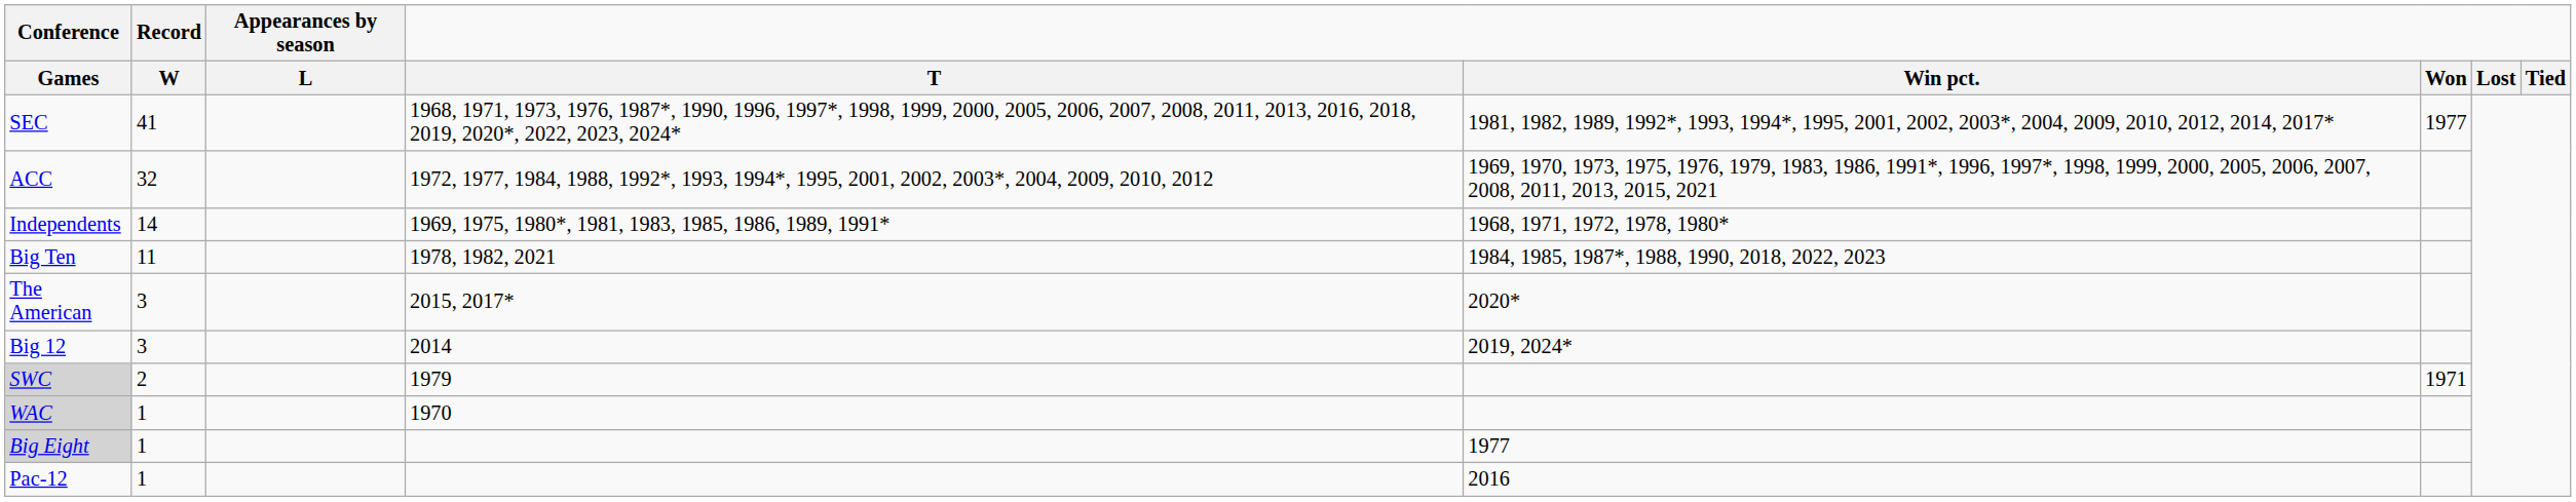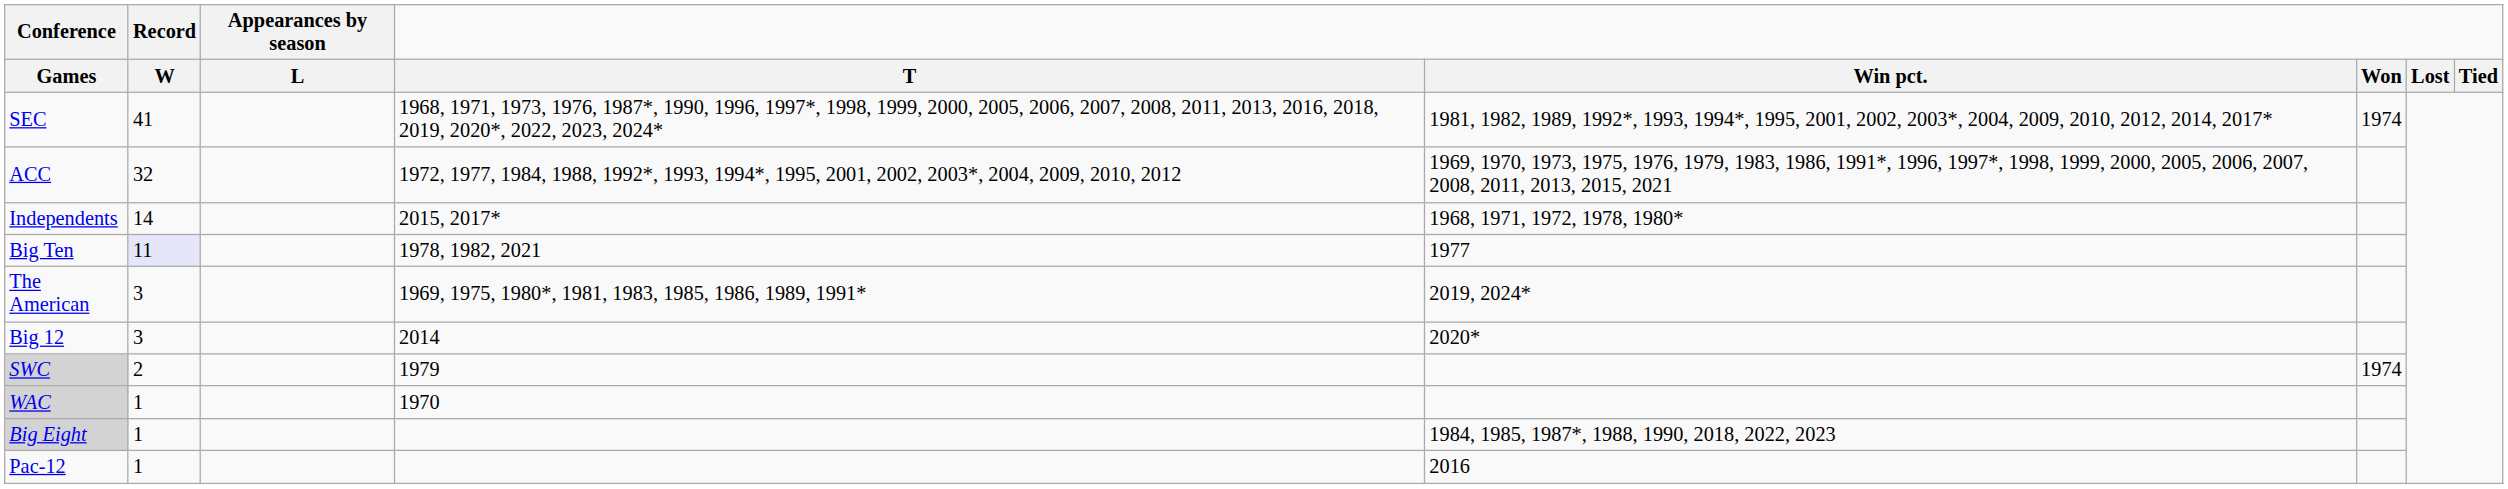 <table class="wikitable sortable">
 <tr>
 <th>Conference</th>
 <th>Record</th>
 <th>Appearances by season</th>
 </tr>
 <tr>
 <th>Games</th>
 <th>W</th>
 <th>L</th>
 <th>T</th>
 <th>Win pct.</th>
 <th>Won</th>
 <th>Lost</th>
 <th>Tied</th>
 </tr>
 <tr>
 <td><a href='#'>SEC</a></td>
 <td>41</td>
 <td></td>
 <td>1968, 1971, 1973, 1976, 1987*, 1990, 1996, 1997*, 1998, 1999, 2000, 2005, 2006, 2007, 2008, 2011, 2013, 2016, 2018, 2019, 2020*, 2022, 2023, 2024*</td>
 <td>1981, 1982, 1989, 1992*, 1993, 1994*, 1995, 2001, 2002, 2003*, 2004, 2009, 2010, 2012, 2014, 2017*</td>
-<td>1977</td>
+<td>1974</td>
 </tr>
 <tr>
 <td><a href='#'>ACC</a></td>
 <td>32</td>
 <td></td>
 <td>1972, 1977, 1984, 1988, 1992*, 1993, 1994*, 1995, 2001, 2002, 2003*, 2004, 2009, 2010, 2012</td>
 <td>1969, 1970, 1973, 1975, 1976, 1979, 1983, 1986, 1991*, 1996, 1997*, 1998, 1999, 2000, 2005, 2006, 2007, 2008, 2011, 2013, 2015, 2021</td>
 <td></td>
 </tr>
 <tr>
 <td><a href='#'>Independents</a></td>
 <td>14</td>
 <td></td>
-<td>1969, 1975, 1980*, 1981, 1983, 1985, 1986, 1989, 1991*</td>
+<td>2015, 2017*</td>
 <td>1968, 1971, 1972, 1978, 1980*</td>
 <td></td>
 </tr>
 <tr>
 <td><a href='#'>Big Ten</a></td>
-<td>11</td>
+<td style="background: lavender;">11</td>
 <td></td>
 <td>1978, 1982, 2021</td>
-<td>1984, 1985, 1987*, 1988, 1990, 2018, 2022, 2023</td>
+<td>1977</td>
 <td></td>
 </tr>
 <tr>
 <td><a href='#'>The American</a></td>
 <td>3</td>
 <td></td>
-<td>2015, 2017*</td>
-<td>2020*</td>
+<td>1969, 1975, 1980*, 1981, 1983, 1985, 1986, 1989, 1991*</td>
+<td>2019, 2024*</td>
 <td></td>
 </tr>
 <tr>
 <td><a href='#'>Big 12</a></td>
 <td>3</td>
 <td></td>
 <td>2014</td>
-<td>2019, 2024*</td>
+<td>2020*</td>
 <td></td>
 </tr>
 <tr>
 <td bgcolor=lightgrey><em><a href='#'>SWC</a></em></td>
 <td>2</td>
 <td></td>
 <td>1979</td>
 <td></td>
-<td>1971</td>
+<td>1974</td>
 </tr>
 <tr>
 <td bgcolor=lightgrey><em><a href='#'>WAC</a></em></td>
 <td>1</td>
 <td></td>
 <td>1970</td>
 <td></td>
 <td></td>
 </tr>
 <tr>
 <td bgcolor=lightgrey><em><a href='#'>Big Eight</a></em></td>
 <td>1</td>
 <td></td>
 <td></td>
-<td>1977</td>
+<td>1984, 1985, 1987*, 1988, 1990, 2018, 2022, 2023</td>
 <td></td>
 </tr>
 <tr>
 <td><a href='#'>Pac-12</a></td>
 <td>1</td>
 <td></td>
 <td></td>
 <td>2016</td>
 <td></td>
 </tr>
 </table>
